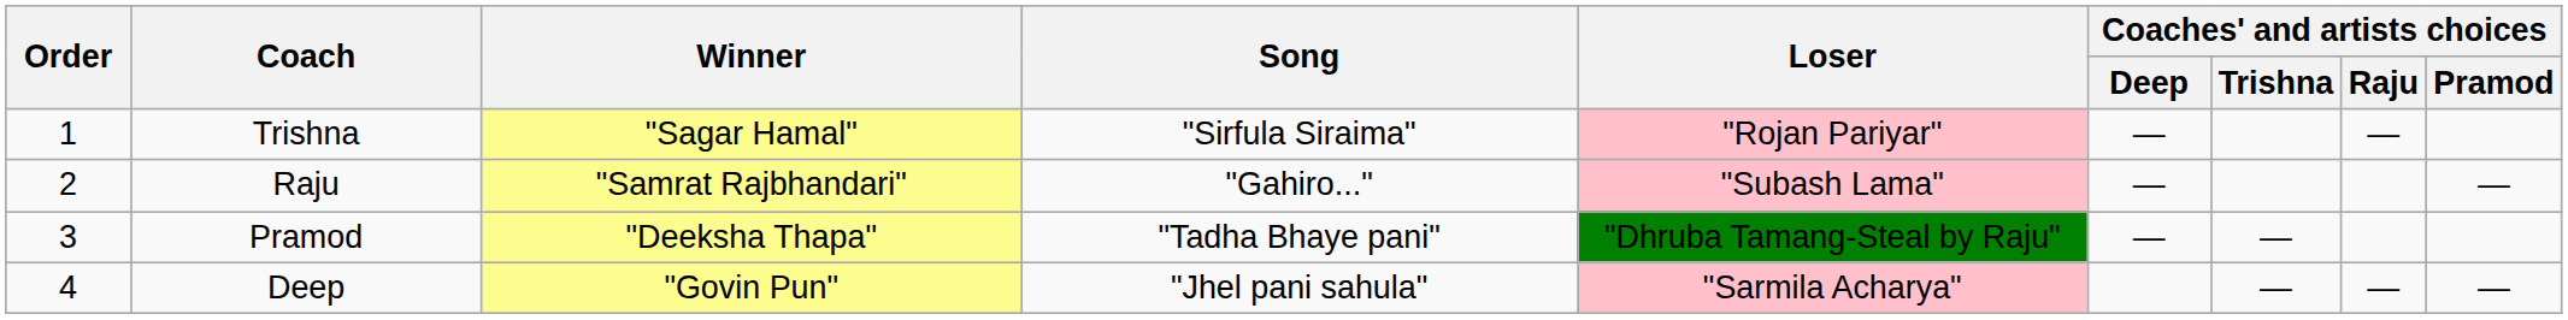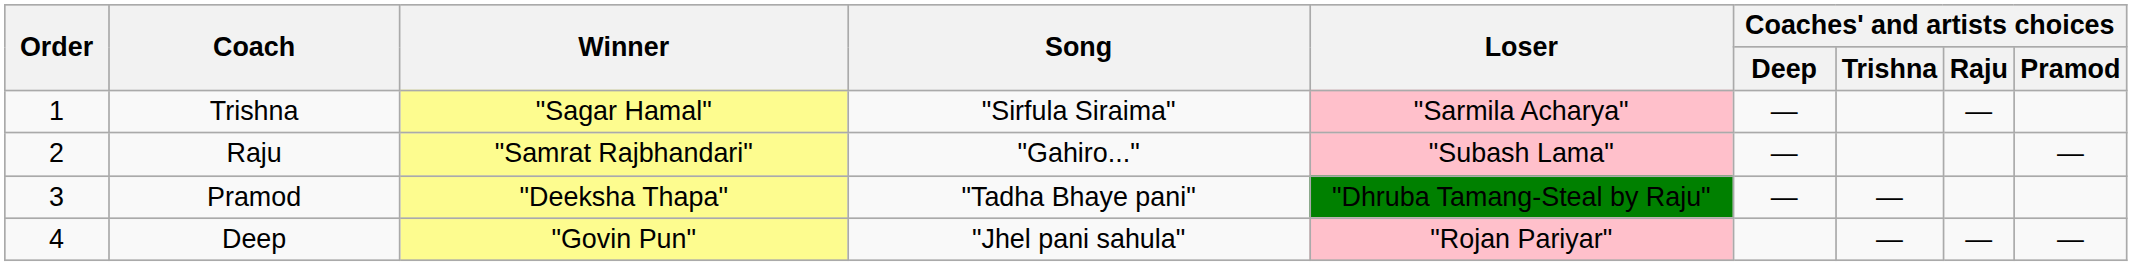 <table class="wikitable plainrowheaders" style="text-align:center; width:100%;">
 <tr>
 <th scope="col" style="width:05%;" rowspan="2">Order</th>
 <th scope="col" style="width:15%;" rowspan="2">Coach</th>
 <th scope="col" style="width:23%;" rowspan="2">Winner</th>
 <th scope="col" style="width:24%;" rowspan="2">Song</th>
 <th scope="col" style="width:22%;" rowspan="2">Loser</th>
 <th scope="col" style="width:20%;" colspan="4">Coaches' and artists choices</th>
 </tr>
 <tr>
 <th scope="col" style="width:05%;">Deep</th>
 <th scope="col" style="width:05%;">Trishna</th>
 <th scope="col" style="width:05%;">Raju</th>
 <th scope="col" style="width:05%;">Pramod</th>
 </tr>
 <tr>
 <td scope="row">1</td>
 <td>Trishna</td>
 <td style="background:#fdfc8f;text-align:center;">"Sagar Hamal"</td>
 <td>"Sirfula Siraima"</td>
-<td style="background:pink;text-align:center;">"Rojan Pariyar"</td>
+<td style="background:pink;text-align:center;">"Sarmila Acharya"</td>
 <td>—</td>
 <td></td>
 <td>—</td>
 </tr>
 <tr>
 <td scope="row">2</td>
 <td>Raju</td>
 <td style="background:#fdfc8f;text-align:center;">"Samrat Rajbhandari"</td>
 <td>"Gahiro..."</td>
 <td style="background:pink;text-align:center;">"Subash Lama"</td>
 <td>—</td>
 <td></td>
 <td></td>
 <td>—</td>
 </tr>
 <tr>
 <td scope="row">3</td>
 <td>Pramod</td>
 <td style="background:#fdfc8f;text-align:center;">"Deeksha Thapa"</td>
 <td>"Tadha Bhaye pani"</td>
 <td style="background:Green;text-align:center;">"Dhruba Tamang-Steal by Raju"</td>
 <td>—</td>
 <td>—</td>
 <td></td>
 </tr>
 <tr>
 <td scope="row">4</td>
 <td>Deep</td>
 <td style="background:#fdfc8f;text-align:center;">"Govin Pun"</td>
 <td>"Jhel pani sahula"</td>
-<td style="background:pink;text-align:center;">"Sarmila Acharya"</td>
+<td style="background:pink;text-align:center;">"Rojan Pariyar"</td>
 <td></td>
 <td>—</td>
 <td>—</td>
 <td>—</td>
 </tr>
 </table>
